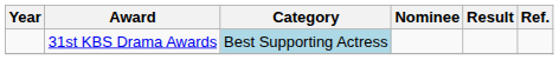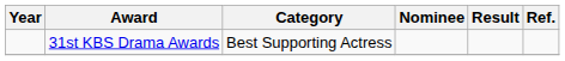 <table class="wikitable" style="text-align:center">
 <tr>
 <th>Year</th>
 <th>Award</th>
 <th>Category</th>
 <th>Nominee</th>
 <th>Result</th>
 <th>Ref.</th>
 </tr>
 <tr>
 <td></td>
 <td><a href='#'>31st KBS Drama Awards</a></td>
-<td style="background: lightblue;">Best Supporting Actress</td>
+<td>Best Supporting Actress</td>
 <td></td>
 <td></td>
 <td><br></td>
 </tr>
 <tr>
 </tr>
 </table>
